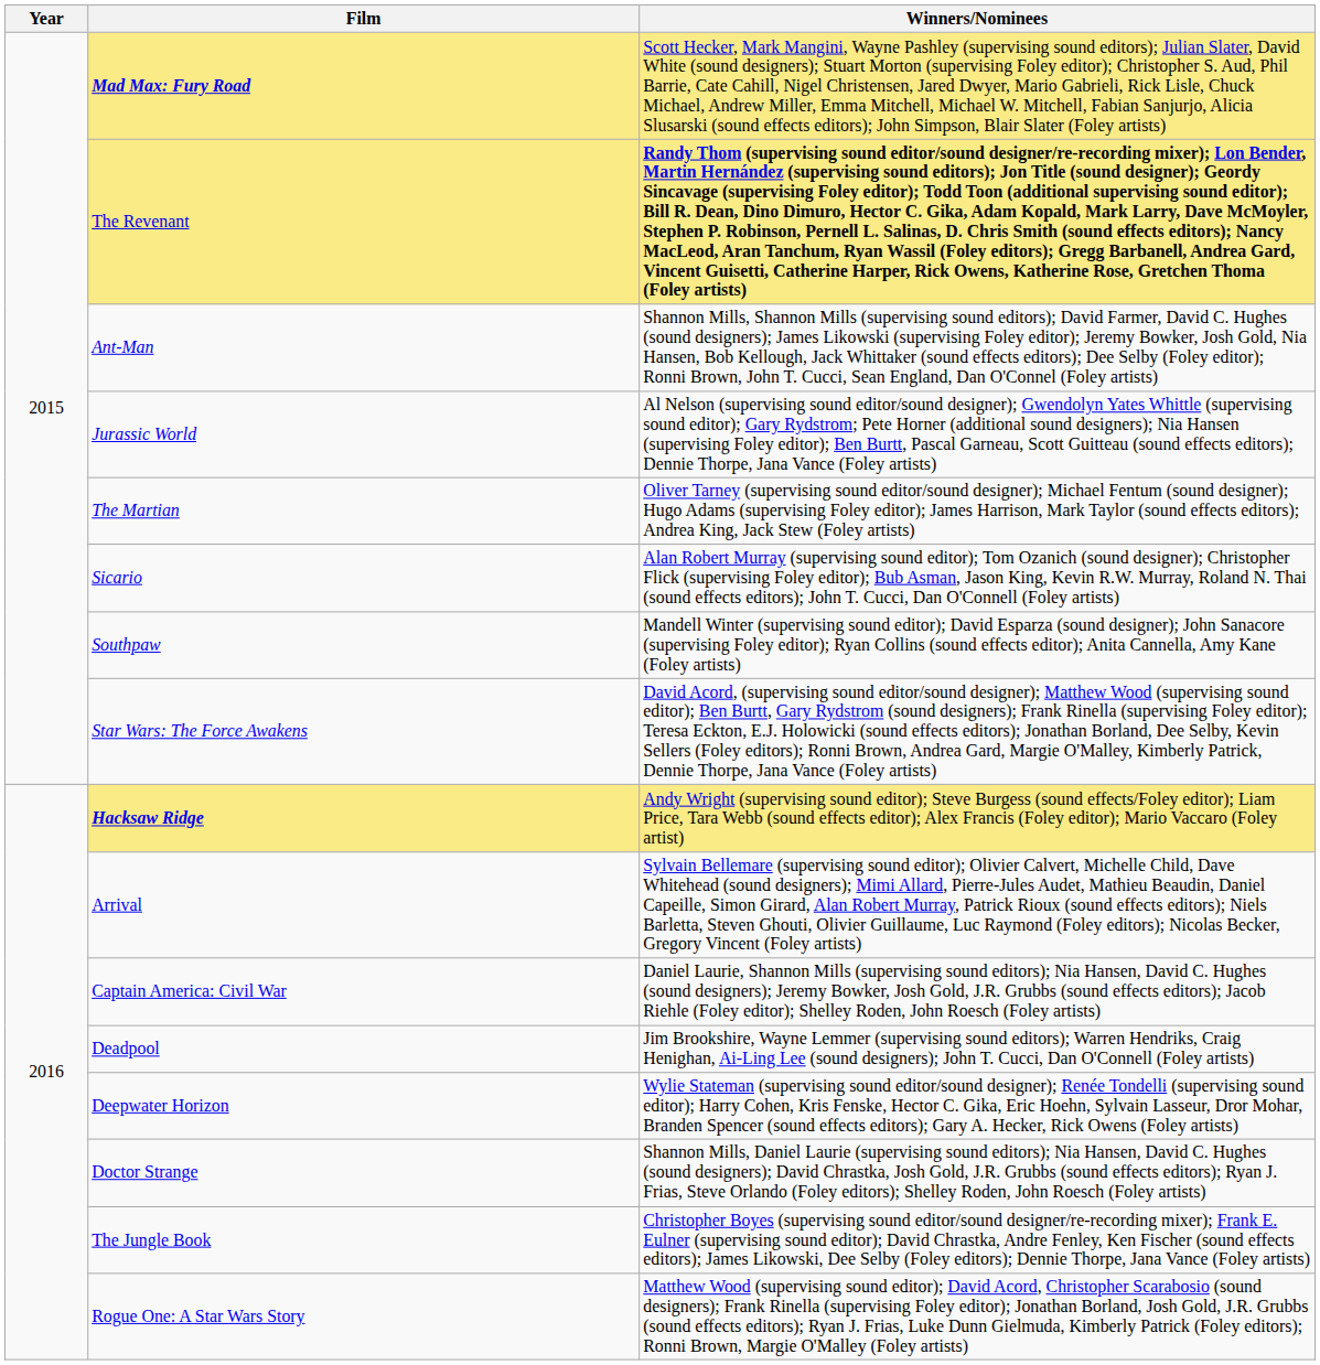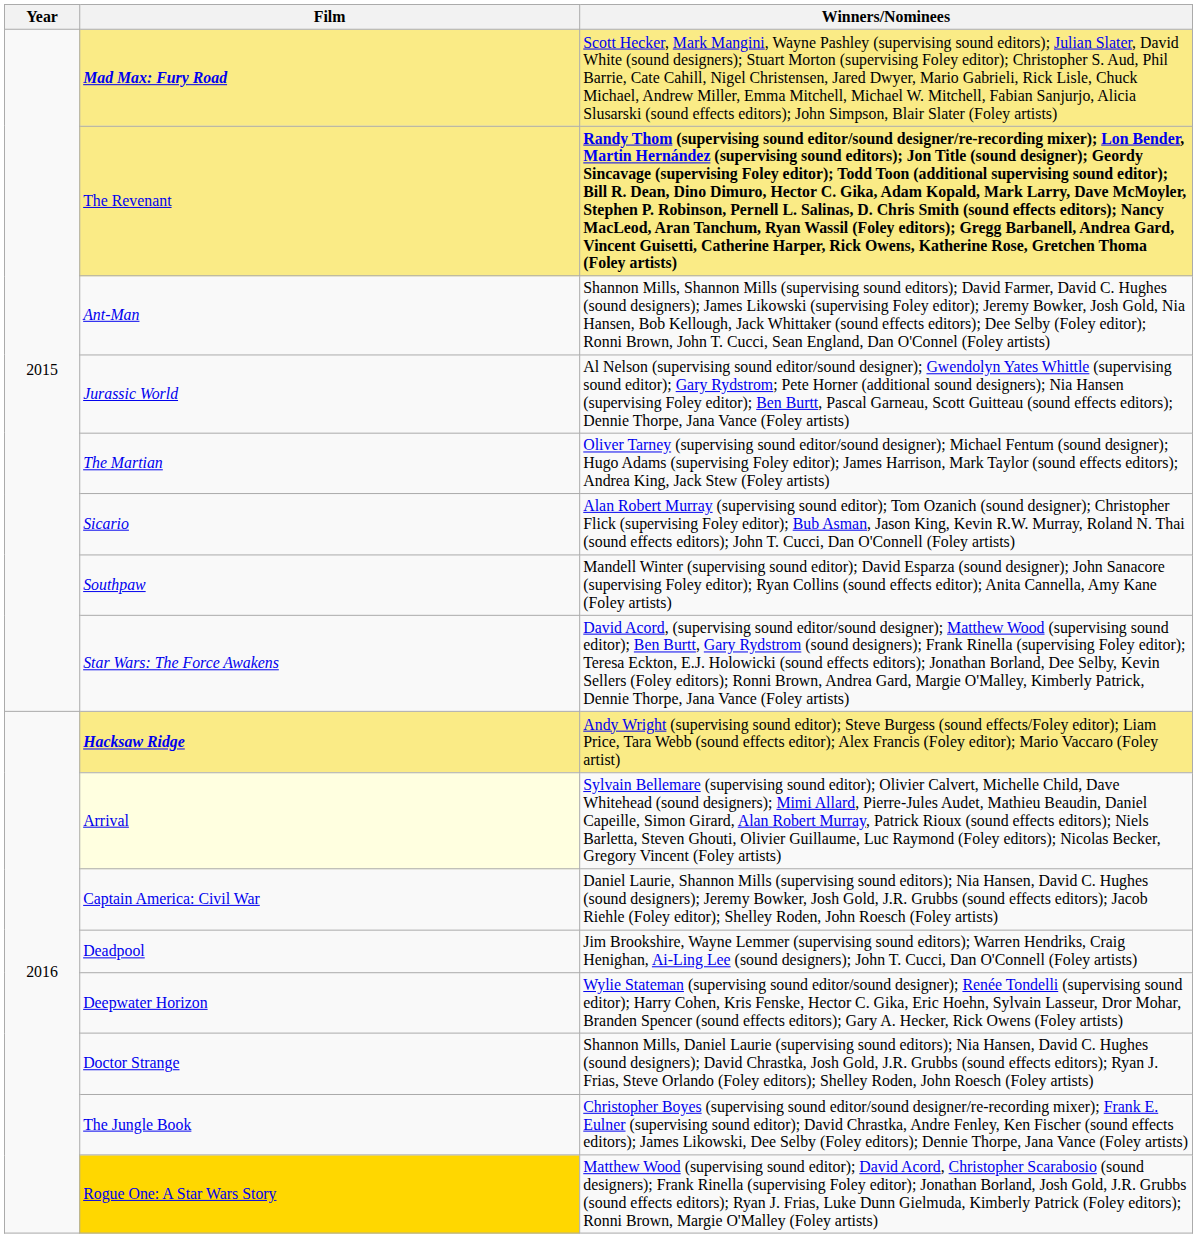 <table class="wikitable" width="95%" cellpadding="5">
 <tr>
 <th width="6%">Year</th>
 <th width="40%">Film</th>
 <th width="49%">Winners/Nominees</th>
 </tr>
 <tr>
 <td rowspan=8 style="text-align:center">2015<br></td>
 <td style="background:#FAEB86;"><strong><em><a href='#'>Mad Max: Fury Road</a><em> <strong></td>
 <td style="background:#FAEB86;"></strong><a href='#'>Scott Hecker</a>, <a href='#'>Mark Mangini</a>, Wayne Pashley (supervising sound editors); <a href='#'>Julian Slater</a>, David White (sound designers); Stuart Morton (supervising Foley editor); Christopher S. Aud, Phil Barrie, Cate Cahill, Nigel Christensen, Jared Dwyer, Mario Gabrieli, Rick Lisle, Chuck Michael, Andrew Miller, Emma Mitchell, Michael W. Mitchell, Fabian Sanjurjo, Alicia Slusarski (sound effects editors); John Simpson, Blair Slater (Foley artists)<strong></td>
 </tr>
 <tr>
 <td style="background:#FAEB86;"></em></strong><a href='#'>The Revenant</a></em> </strong></td>
 <td style="background:#FAEB86;"><strong><a href='#'>Randy Thom</a> (supervising sound editor/sound designer/re-recording mixer); <a href='#'>Lon Bender</a>, <a href='#'>Martin Hernández</a> (supervising sound editors); Jon Title (sound designer); Geordy Sincavage (supervising Foley editor); Todd Toon (additional supervising sound editor); Bill R. Dean, Dino Dimuro, Hector C. Gika, Adam Kopald, Mark Larry, Dave McMoyler, Stephen P. Robinson, Pernell L. Salinas, D. Chris Smith (sound effects editors); Nancy MacLeod, Aran Tanchum, Ryan Wassil (Foley editors); Gregg Barbanell, Andrea Gard, Vincent Guisetti, Catherine Harper, Rick Owens, Katherine Rose, Gretchen Thoma (Foley artists)</strong></td>
 </tr>
 <tr>
 <td><em><a href='#'>Ant-Man</a></em></td>
 <td>Shannon Mills, Shannon Mills (supervising sound editors); David Farmer, David C. Hughes (sound designers); James Likowski (supervising Foley editor); Jeremy Bowker, Josh Gold, Nia Hansen, Bob Kellough, Jack Whittaker (sound effects editors); Dee Selby (Foley editor); Ronni Brown, John T. Cucci, Sean England, Dan O'Connel (Foley artists)</td>
 </tr>
 <tr>
 <td><em><a href='#'>Jurassic World</a></em></td>
 <td>Al Nelson (supervising sound editor/sound designer); <a href='#'>Gwendolyn Yates Whittle</a> (supervising sound editor); <a href='#'>Gary Rydstrom</a>; Pete Horner (additional sound designers); Nia Hansen (supervising Foley editor); <a href='#'>Ben Burtt</a>, Pascal Garneau, Scott Guitteau (sound effects editors); Dennie Thorpe, Jana Vance (Foley artists)</td>
 </tr>
 <tr>
 <td><em><a href='#'>The Martian</a></em></td>
 <td><a href='#'>Oliver Tarney</a> (supervising sound editor/sound designer); Michael Fentum (sound designer); Hugo Adams (supervising Foley editor); James Harrison, Mark Taylor (sound effects editors); Andrea King, Jack Stew (Foley artists)</td>
 </tr>
 <tr>
 <td><em><a href='#'>Sicario</a></em></td>
 <td><a href='#'>Alan Robert Murray</a> (supervising sound editor); Tom Ozanich (sound designer); Christopher Flick (supervising Foley editor); <a href='#'>Bub Asman</a>, Jason King, Kevin R.W. Murray, Roland N. Thai (sound effects editors); John T. Cucci, Dan O'Connell (Foley artists)</td>
 </tr>
 <tr>
 <td><em><a href='#'>Southpaw</a></em></td>
 <td>Mandell Winter (supervising sound editor); David Esparza (sound designer); John Sanacore (supervising Foley editor); Ryan Collins (sound effects editor); Anita Cannella, Amy Kane (Foley artists)</td>
 </tr>
 <tr>
 <td><em><a href='#'>Star Wars: The Force Awakens</a></em></td>
 <td><a href='#'>David Acord</a>, (supervising sound editor/sound designer); <a href='#'>Matthew Wood</a> (supervising sound editor); <a href='#'>Ben Burtt</a>, <a href='#'>Gary Rydstrom</a> (sound designers); Frank Rinella (supervising Foley editor); Teresa Eckton, E.J. Holowicki (sound effects editors); Jonathan Borland, Dee Selby, Kevin Sellers (Foley editors); Ronni Brown, Andrea Gard, Margie O'Malley, Kimberly Patrick, Dennie Thorpe, Jana Vance (Foley artists)</td>
 </tr>
 <tr>
 <td rowspan=8 style="text-align:center">2016<br></td>
 <td style="background:#FAEB86;"><strong><em><a href='#'>Hacksaw Ridge</a><em> <strong></td>
 <td style="background:#FAEB86;"></strong><a href='#'>Andy Wright</a> (supervising sound editor); Steve Burgess (sound effects/Foley editor); Liam Price, Tara Webb (sound effects editor); Alex Francis (Foley editor); Mario Vaccaro (Foley artist)<strong></td>
 </tr>
 <tr>
-<td></em><a href='#'>Arrival</a><em></td>
+<td style="background: lightyellow;"></em><a href='#'>Arrival</a><em></td>
 <td><a href='#'>Sylvain Bellemare</a> (supervising sound editor); Olivier Calvert, Michelle Child, Dave Whitehead (sound designers); <a href='#'>Mimi Allard</a>, Pierre-Jules Audet, Mathieu Beaudin, Daniel Capeille, Simon Girard, <a href='#'>Alan Robert Murray</a>, Patrick Rioux (sound effects editors); Niels Barletta, Steven Ghouti, Olivier Guillaume, Luc Raymond (Foley editors); Nicolas Becker, Gregory Vincent (Foley artists)</td>
 </tr>
 <tr>
 <td></em><a href='#'>Captain America: Civil War</a><em></td>
 <td>Daniel Laurie, Shannon Mills (supervising sound editors); Nia Hansen, David C. Hughes (sound designers); Jeremy Bowker, Josh Gold, J.R. Grubbs (sound effects editors); Jacob Riehle (Foley editor); Shelley Roden, John Roesch (Foley artists)</td>
 </tr>
 <tr>
 <td></em><a href='#'>Deadpool</a><em></td>
 <td>Jim Brookshire, Wayne Lemmer (supervising sound editors); Warren Hendriks, Craig Henighan, <a href='#'>Ai-Ling Lee</a> (sound designers); John T. Cucci, Dan O'Connell (Foley artists)</td>
 </tr>
 <tr>
 <td></em><a href='#'>Deepwater Horizon</a><em></td>
 <td><a href='#'>Wylie Stateman</a> (supervising sound editor/sound designer); <a href='#'>Renée Tondelli</a> (supervising sound editor); Harry Cohen, Kris Fenske, Hector C. Gika, Eric Hoehn, Sylvain Lasseur, Dror Mohar, Branden Spencer (sound effects editors); Gary A. Hecker, Rick Owens (Foley artists)</td>
 </tr>
 <tr>
 <td></em><a href='#'>Doctor Strange</a><em></td>
 <td>Shannon Mills, Daniel Laurie (supervising sound editors); Nia Hansen, David C. Hughes (sound designers); David Chrastka, Josh Gold, J.R. Grubbs (sound effects editors); Ryan J. Frias, Steve Orlando (Foley editors); Shelley Roden, John Roesch (Foley artists)</td>
 </tr>
 <tr>
 <td></em><a href='#'>The Jungle Book</a><em></td>
 <td><a href='#'>Christopher Boyes</a> (supervising sound editor/sound designer/re-recording mixer); <a href='#'>Frank E. Eulner</a> (supervising sound editor); David Chrastka, Andre Fenley, Ken Fischer (sound effects editors); James Likowski, Dee Selby (Foley editors); Dennie Thorpe, Jana Vance (Foley artists)</td>
 </tr>
 <tr>
-<td></em><a href='#'>Rogue One: A Star Wars Story</a><em></td>
+<td style="background: gold;"></em><a href='#'>Rogue One: A Star Wars Story</a><em></td>
 <td><a href='#'>Matthew Wood</a> (supervising sound editor); <a href='#'>David Acord</a>, <a href='#'>Christopher Scarabosio</a> (sound designers); Frank Rinella (supervising Foley editor); Jonathan Borland, Josh Gold, J.R. Grubbs (sound effects editors); Ryan J. Frias, Luke Dunn Gielmuda, Kimberly Patrick (Foley editors); Ronni Brown, Margie O'Malley (Foley artists)</td>
 </tr>
 </table>
